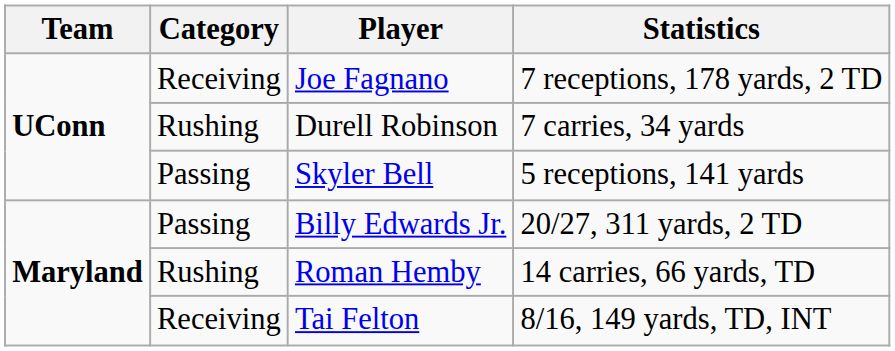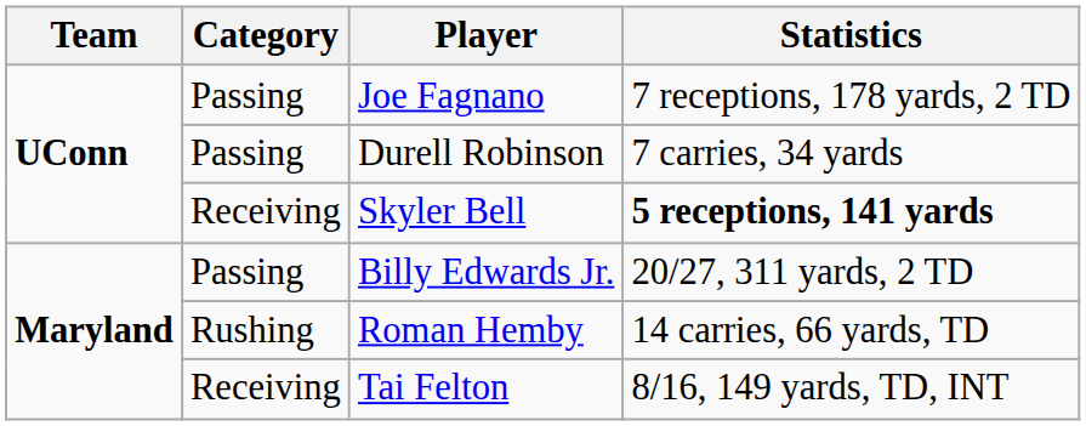 <table class="wikitable" style="float: right;">
 <tr>
 <th>Team</th>
 <th>Category</th>
 <th>Player</th>
 <th>Statistics</th>
 </tr>
 <tr>
 <td rowspan=3><strong>UConn</strong></td>
-<td>Receiving</td>
+<td>Passing</td>
 <td><a href='#'>Joe Fagnano</a></td>
 <td>7 receptions, 178 yards, 2 TD</td>
 </tr>
 <tr>
-<td>Rushing</td>
+<td>Passing</td>
 <td>Durell Robinson</td>
 <td>7 carries, 34 yards</td>
 </tr>
 <tr>
-<td>Passing</td>
+<td>Receiving</td>
 <td><a href='#'>Skyler Bell</a></td>
-<td>5 receptions, 141 yards</td>
+<td><strong>5 receptions, 141 yards</strong></td>
 </tr>
 <tr>
 <td rowspan=3><strong>Maryland</strong></td>
 <td>Passing</td>
 <td><a href='#'>Billy Edwards Jr.</a></td>
 <td>20/27, 311 yards, 2 TD</td>
 </tr>
 <tr>
 <td>Rushing</td>
 <td><a href='#'>Roman Hemby</a></td>
 <td>14 carries, 66 yards, TD</td>
 </tr>
 <tr>
 <td>Receiving</td>
 <td><a href='#'>Tai Felton</a></td>
 <td>8/16, 149 yards, TD, INT</td>
 </tr>
 </table>
